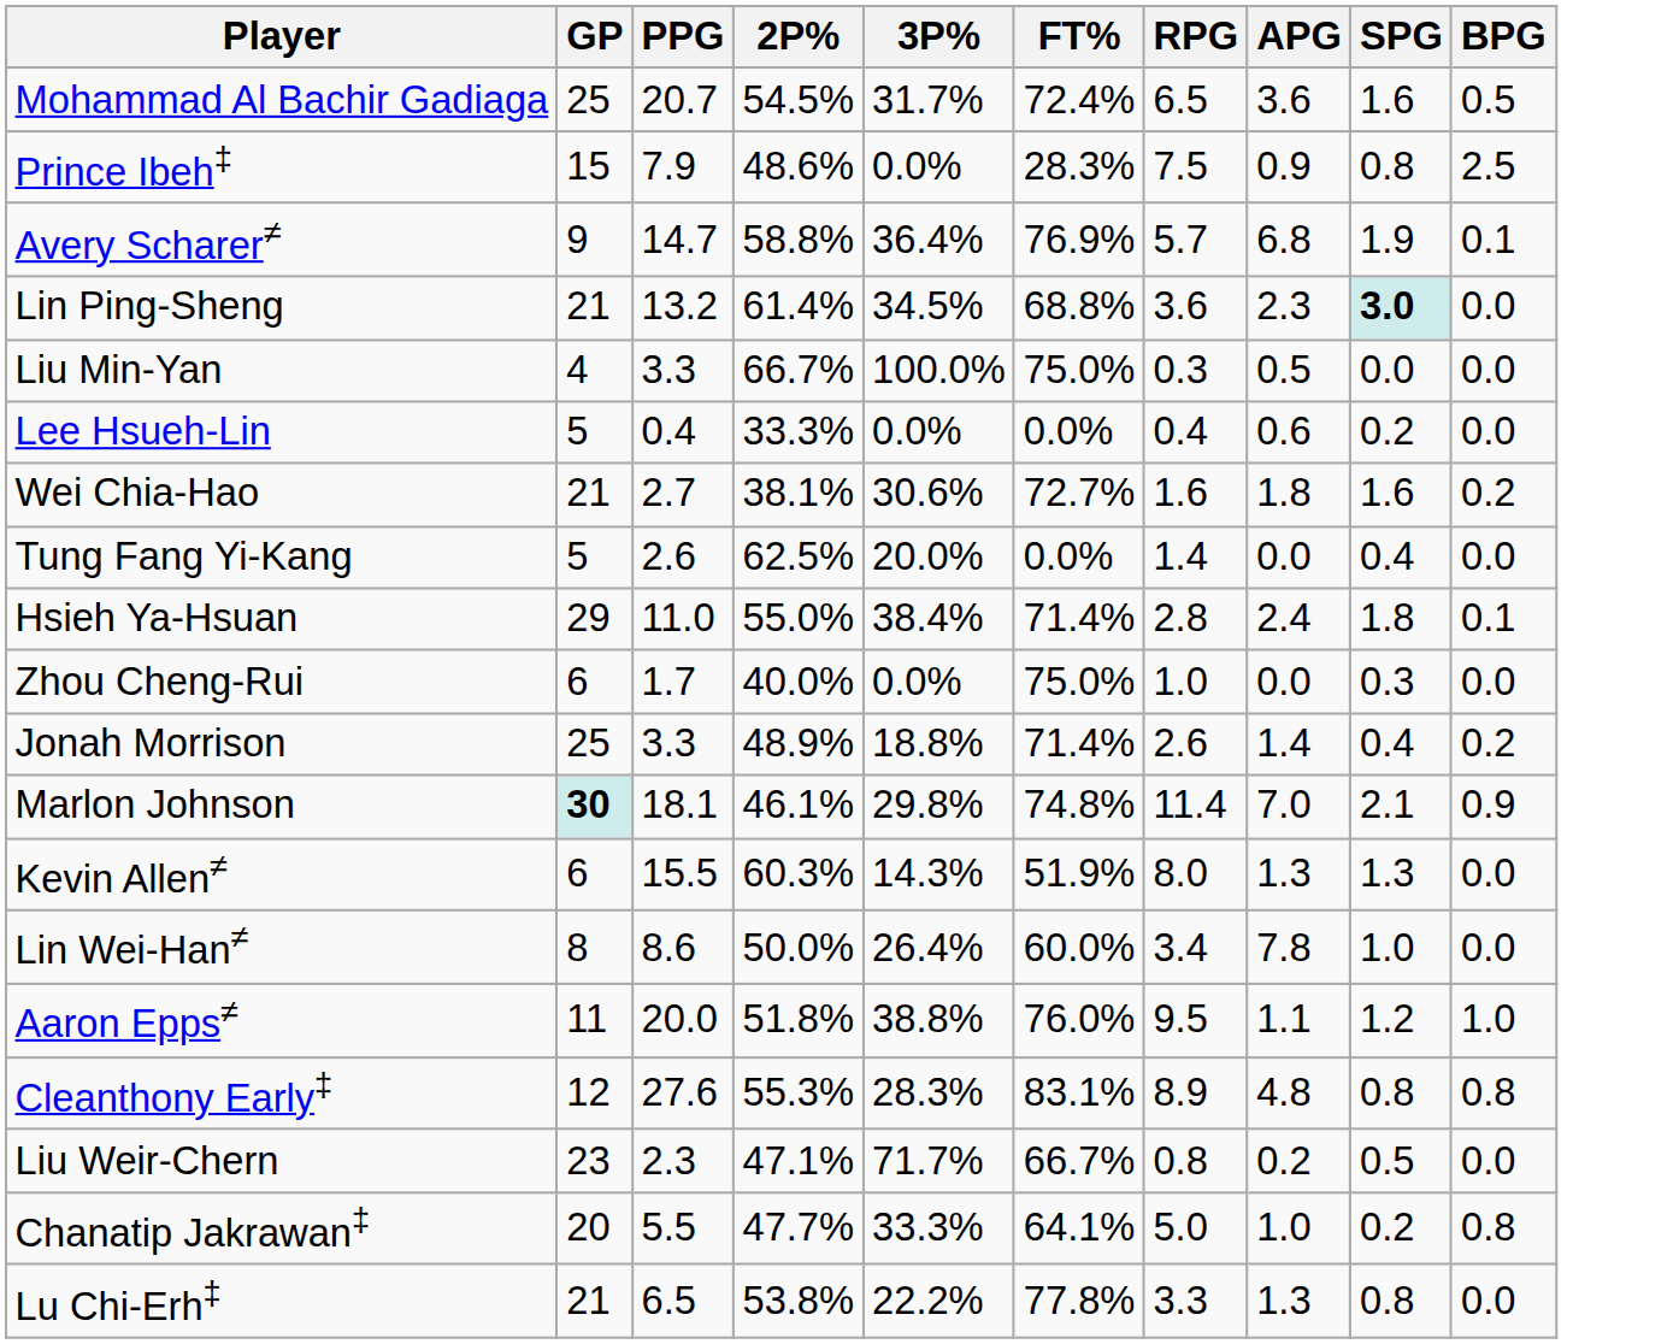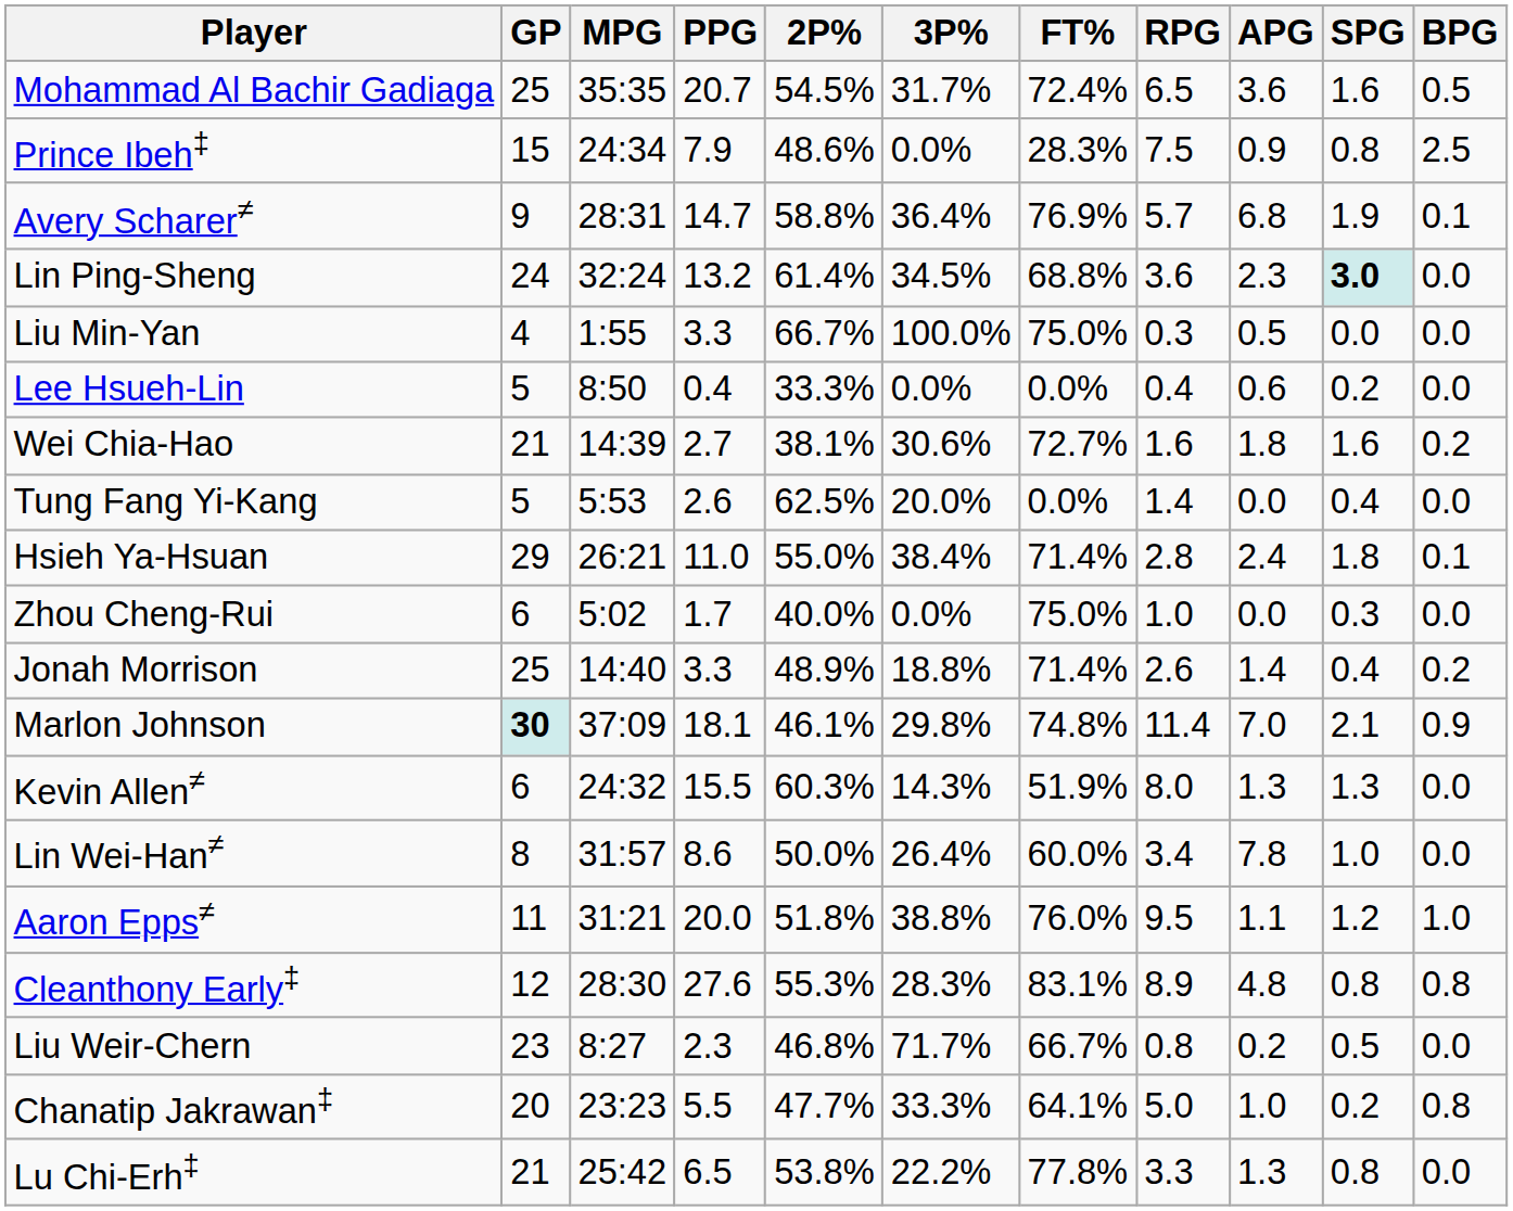 <table class="wikitable">
 <tr>
 <th>Player</th>
 <th>GP</th>
+<th>MPG</th>
 <th>PPG</th>
 <th>2P%</th>
 <th>3P%</th>
 <th>FT%</th>
 <th>RPG</th>
 <th>APG</th>
 <th>SPG</th>
 <th>BPG</th>
 </tr>
 <tr>
 <td><a href='#'>Mohammad Al Bachir Gadiaga</a></td>
 <td>25</td>
+<td>35:35</td>
 <td>20.7</td>
 <td>54.5%</td>
 <td>31.7%</td>
 <td>72.4%</td>
 <td>6.5</td>
 <td>3.6</td>
 <td>1.6</td>
 <td>0.5</td>
 </tr>
 <tr>
 <td><a href='#'>Prince Ibeh</a><sup>‡</sup></td>
 <td>15</td>
+<td>24:34</td>
 <td>7.9</td>
 <td>48.6%</td>
 <td>0.0%</td>
 <td>28.3%</td>
 <td>7.5</td>
 <td>0.9</td>
 <td>0.8</td>
 <td>2.5</td>
 </tr>
 <tr>
 <td><a href='#'>Avery Scharer</a><sup>≠</sup></td>
 <td>9</td>
+<td>28:31</td>
 <td>14.7</td>
 <td>58.8%</td>
 <td>36.4%</td>
 <td>76.9%</td>
 <td>5.7</td>
 <td>6.8</td>
 <td>1.9</td>
 <td>0.1</td>
 </tr>
 <tr>
 <td>Lin Ping-Sheng</td>
-<td>21</td>
+<td>24</td>
+<td>32:24</td>
 <td>13.2</td>
 <td>61.4%</td>
 <td>34.5%</td>
 <td>68.8%</td>
 <td>3.6</td>
 <td>2.3</td>
 <td style="background-color: #CFECEC"><strong>3.0</strong></td>
 <td>0.0</td>
 </tr>
 <tr>
 <td>Liu Min-Yan</td>
 <td>4</td>
+<td>1:55</td>
 <td>3.3</td>
 <td>66.7%</td>
 <td>100.0%</td>
 <td>75.0%</td>
 <td>0.3</td>
 <td>0.5</td>
 <td>0.0</td>
 <td>0.0</td>
 </tr>
 <tr>
 <td><a href='#'>Lee Hsueh-Lin</a></td>
 <td>5</td>
+<td>8:50</td>
 <td>0.4</td>
 <td>33.3%</td>
 <td>0.0%</td>
 <td>0.0%</td>
 <td>0.4</td>
 <td>0.6</td>
 <td>0.2</td>
 <td>0.0</td>
 </tr>
 <tr>
 <td>Wei Chia-Hao</td>
 <td>21</td>
+<td>14:39</td>
 <td>2.7</td>
 <td>38.1%</td>
 <td>30.6%</td>
 <td>72.7%</td>
 <td>1.6</td>
 <td>1.8</td>
 <td>1.6</td>
 <td>0.2</td>
 </tr>
 <tr>
 <td>Tung Fang Yi-Kang</td>
 <td>5</td>
+<td>5:53</td>
 <td>2.6</td>
 <td>62.5%</td>
 <td>20.0%</td>
 <td>0.0%</td>
 <td>1.4</td>
 <td>0.0</td>
 <td>0.4</td>
 <td>0.0</td>
 </tr>
 <tr>
 <td>Hsieh Ya-Hsuan</td>
 <td>29</td>
+<td>26:21</td>
 <td>11.0</td>
 <td>55.0%</td>
 <td>38.4%</td>
 <td>71.4%</td>
 <td>2.8</td>
 <td>2.4</td>
 <td>1.8</td>
 <td>0.1</td>
 </tr>
 <tr>
 <td>Zhou Cheng-Rui</td>
 <td>6</td>
+<td>5:02</td>
 <td>1.7</td>
 <td>40.0%</td>
 <td>0.0%</td>
 <td>75.0%</td>
 <td>1.0</td>
 <td>0.0</td>
 <td>0.3</td>
 <td>0.0</td>
 </tr>
 <tr>
 <td>Jonah Morrison</td>
 <td>25</td>
+<td>14:40</td>
 <td>3.3</td>
 <td>48.9%</td>
 <td>18.8%</td>
 <td>71.4%</td>
 <td>2.6</td>
 <td>1.4</td>
 <td>0.4</td>
 <td>0.2</td>
 </tr>
 <tr>
 <td>Marlon Johnson</td>
 <td style="background-color: #CFECEC"><strong>30</strong></td>
+<td>37:09</td>
 <td>18.1</td>
 <td>46.1%</td>
 <td>29.8%</td>
 <td>74.8%</td>
 <td>11.4</td>
 <td>7.0</td>
 <td>2.1</td>
 <td>0.9</td>
 </tr>
 <tr>
 <td>Kevin Allen<sup>≠</sup></td>
 <td>6</td>
+<td>24:32</td>
 <td>15.5</td>
 <td>60.3%</td>
 <td>14.3%</td>
 <td>51.9%</td>
 <td>8.0</td>
 <td>1.3</td>
 <td>1.3</td>
 <td>0.0</td>
 </tr>
 <tr>
 <td>Lin Wei-Han<sup>≠</sup></td>
 <td>8</td>
+<td>31:57</td>
 <td>8.6</td>
 <td>50.0%</td>
 <td>26.4%</td>
 <td>60.0%</td>
 <td>3.4</td>
 <td>7.8</td>
 <td>1.0</td>
 <td>0.0</td>
 </tr>
 <tr>
 <td><a href='#'>Aaron Epps</a><sup>≠</sup></td>
 <td>11</td>
+<td>31:21</td>
 <td>20.0</td>
 <td>51.8%</td>
 <td>38.8%</td>
 <td>76.0%</td>
 <td>9.5</td>
 <td>1.1</td>
 <td>1.2</td>
 <td>1.0</td>
 </tr>
 <tr>
 <td><a href='#'>Cleanthony Early</a><sup>‡</sup></td>
 <td>12</td>
+<td>28:30</td>
 <td>27.6</td>
 <td>55.3%</td>
 <td>28.3%</td>
 <td>83.1%</td>
 <td>8.9</td>
 <td>4.8</td>
 <td>0.8</td>
 <td>0.8</td>
 </tr>
 <tr>
 <td>Liu Weir-Chern</td>
 <td>23</td>
+<td>8:27</td>
 <td>2.3</td>
-<td>47.1%</td>
+<td>46.8%</td>
 <td>71.7%</td>
 <td>66.7%</td>
 <td>0.8</td>
 <td>0.2</td>
 <td>0.5</td>
 <td>0.0</td>
 </tr>
 <tr>
 <td>Chanatip Jakrawan<sup>‡</sup></td>
 <td>20</td>
+<td>23:23</td>
 <td>5.5</td>
 <td>47.7%</td>
 <td>33.3%</td>
 <td>64.1%</td>
 <td>5.0</td>
 <td>1.0</td>
 <td>0.2</td>
 <td>0.8</td>
 </tr>
 <tr>
 <td>Lu Chi-Erh<sup>‡</sup></td>
 <td>21</td>
+<td>25:42</td>
 <td>6.5</td>
 <td>53.8%</td>
 <td>22.2%</td>
 <td>77.8%</td>
 <td>3.3</td>
 <td>1.3</td>
 <td>0.8</td>
 <td>0.0</td>
 </tr>
 </table>
